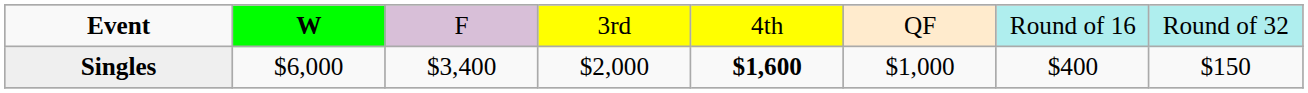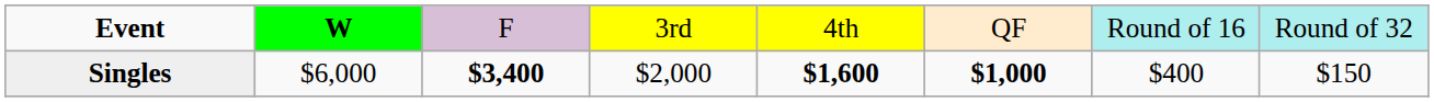 <table class=wikitable style=font-size:95%;text-align:center>
 <tr>
 <td style="width:130px"><strong>Event</strong></td>
 <td style="width:85px; background:lime"><strong>W</strong></td>
 <td style="width:85px; background:thistle">F</td>
 <td style="width:85px; background:#ffff00">3rd</td>
 <td style="width:85px; background:#ffff00">4th</td>
 <td style="width:85px; background:#ffebcd">QF</td>
 <td style="width:85px; background:#afeeee">Round of 16</td>
 <td style="width:85px; background:#afeeee">Round of 32</td>
 </tr>
 <tr>
 <th style=background:#efefef>Singles </th>
 <td>$6,000</td>
-<td>$3,400</td>
+<td><strong>$3,400</strong></td>
 <td>$2,000</td>
 <td><strong>$1,600</strong></td>
-<td>$1,000</td>
+<td><strong>$1,000</strong></td>
 <td>$400</td>
 <td>$150</td>
 </tr>
 </table>
